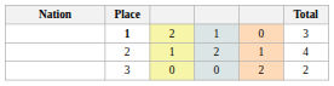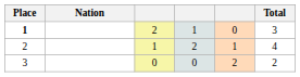 <table class=wikitable style="border:1px solid #AAAAAA;font-size:90%">
 <tr bgcolor="#EFEFEF">
+<th width=50>Place</th>
 <th width=120>Nation</th>
-<th width=50>Place</th>
 <th width=50></th>
 <th width=50></th>
 <th width=50></th>
 <th width=50>Total</th>
 </tr>
 <tr align="center" valign="top" bgcolor="#FFFFFF">
+<td><strong>1</strong></td>
 <td align="left"><strong></strong></td>
-<td><strong>1</strong></td>
 <td style="background:#F7F6A8;">2</td>
 <td style="background:#DCE5E5;">1</td>
 <td style="background:#FFDAB9;">0</td>
 <td>3</td>
 </tr>
 <tr align="center" valign="top" bgcolor="#FFFFFF">
+<td>2</td>
 <td align="left"></td>
-<td>2</td>
 <td style="background:#F7F6A8;">1</td>
 <td style="background:#DCE5E5;">2</td>
 <td style="background:#FFDAB9;">1</td>
 <td>4</td>
 </tr>
 <tr align="center" valign="top" bgcolor="#FFFFFF">
+<td>3</td>
 <td align="left"></td>
-<td>3</td>
 <td style="background:#F7F6A8;">0</td>
 <td style="background:#DCE5E5;">0</td>
 <td style="background:#FFDAB9;">2</td>
 <td>2</td>
 </tr>
 </table>
